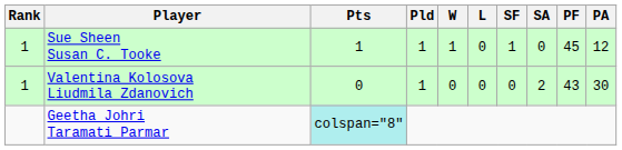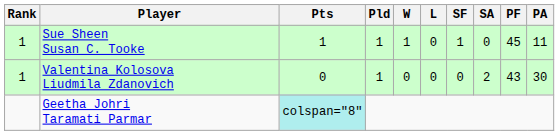 <table class=wikitable style="text-align:center; font-size:90%">
 <tr>
 <th width="20">Rank</th>
 <th width="225">Player</th>
 <th width="20">Pts</th>
 <th width="20">Pld</th>
 <th width="20">W</th>
 <th width="20">L</th>
 <th width="20">SF</th>
 <th width="20">SA</th>
 <th width="20">PF</th>
 <th width="20">PA</th>
 </tr>
 <tr bgcolor="#ccffcc">
 <td>1</td>
 <td style="text-align:left"> <a href='#'>Sue Sheen</a><br> <a href='#'>Susan C. Tooke</a></td>
 <td>1</td>
 <td>1</td>
 <td>1</td>
 <td>0</td>
 <td>1</td>
 <td>0</td>
 <td>45</td>
-<td>12</td>
+<td>11</td>
 </tr>
 <tr bgcolor="#ccffcc">
 <td>1</td>
 <td style="text-align:left"> <a href='#'>Valentina Kolosova</a><br> <a href='#'>Liudmila Zdanovich</a></td>
 <td>0</td>
 <td>1</td>
 <td>0</td>
 <td>0</td>
 <td>0</td>
 <td>2</td>
 <td>43</td>
 <td>30</td>
 </tr>
 <tr>
 <td></td>
 <td style="text-align:left"> <a href='#'>Geetha Johri</a><br> <a href='#'>Taramati Parmar</a></td>
 <td style="background: paleturquoise;">colspan="8" </td>
 </tr>
 </table>
